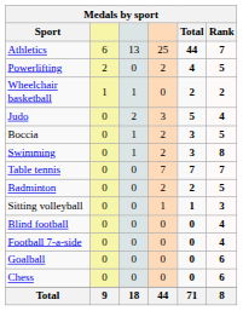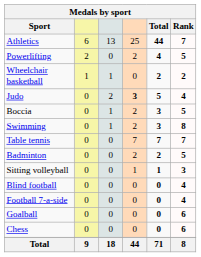 <table class="wikitable sortable" style="font-size:85%;float:center;text-align:center">
 <tr>
 <th colspan=6><strong>Medals by sport</strong></th>
 </tr>
 <tr>
 <th width=100>Sport</th>
 <th scope="col" width=30 style="background:#F7F6A8;"></th>
 <th scope="col" width=30 style="background:#DCE5E5;"></th>
 <th scope="col" width=30 style="background:#FFDAB9;"></th>
 <th width=30>Total</th>
 <th width=30>Rank</th>
 </tr>
 <tr>
 <td style="text-align:left"><a href='#'>Athletics</a></td>
 <td style="background:#F7F6A8;">6</td>
 <td style="background:#DCE5E5;">13</td>
 <td style="background:#FFDAB9;">25</td>
 <td><strong>44</strong></td>
 <td style="background:#FFFAFA;"><strong>7</strong></td>
 </tr>
 <tr>
 <td style="text-align:left"><a href='#'>Powerlifting</a></td>
 <td style="background:#F7F6A8;">2</td>
 <td style="background:#DCE5E5;">0</td>
 <td style="background:#FFDAB9;">2</td>
 <td><strong>4</strong></td>
 <td style="background:#FFFAFA;"><strong>5</strong></td>
 </tr>
 <tr>
 <td style="text-align:left"><a href='#'>Wheelchair basketball</a></td>
 <td style="background:#F7F6A8;">1</td>
 <td style="background:#DCE5E5;">1</td>
 <td style="background:#FFDAB9;">0</td>
 <td><strong>2</strong></td>
 <td style="background:#FFFAFA;"><strong>2</strong></td>
 </tr>
 <tr>
 <td style="text-align:left"><a href='#'>Judo</a></td>
 <td style="background:#F7F6A8;">0</td>
 <td style="background:#DCE5E5;">2</td>
-<td style="background:#FFDAB9;">3</td>
+<td style="background:#FFDAB9;"><strong>3</strong></td>
 <td><strong>5</strong></td>
 <td style="background:#FFFAFA;"><strong>4</strong></td>
 </tr>
 <tr>
 <td style="text-align:left">Boccia</td>
 <td style="background:#F7F6A8;">0</td>
 <td style="background:#DCE5E5;">1</td>
 <td style="background:#FFDAB9;">2</td>
 <td><strong>3</strong></td>
 <td style="background:#FFFAFA;"><strong>5</strong></td>
 </tr>
 <tr>
 <td style="text-align:left"><a href='#'>Swimming</a></td>
 <td style="background:#F7F6A8;">0</td>
 <td style="background:#DCE5E5;">1</td>
 <td style="background:#FFDAB9;">2</td>
 <td><strong>3</strong></td>
 <td style="background:#FFFAFA;"><strong>8</strong></td>
 </tr>
 <tr>
 <td style="text-align:left"><a href='#'>Table tennis</a></td>
 <td style="background:#F7F6A8;">0</td>
 <td style="background:#DCE5E5;">0</td>
 <td style="background:#FFDAB9;">7</td>
 <td><strong>7</strong></td>
 <td style="background:#FFFAFA;"><strong>7</strong></td>
 </tr>
 <tr>
 <td style="text-align:left"><a href='#'>Badminton</a></td>
 <td style="background:#F7F6A8;">0</td>
 <td style="background:#DCE5E5;">0</td>
 <td style="background:#FFDAB9;">2</td>
 <td><strong>2</strong></td>
 <td style="background:#FFFAFA;"><strong>5</strong></td>
 </tr>
 <tr>
 <td style="text-align:left">Sitting volleyball</td>
 <td style="background:#F7F6A8;">0</td>
 <td style="background:#DCE5E5;">0</td>
 <td style="background:#FFDAB9;">1</td>
 <td><strong>1</strong></td>
 <td style="background:#FFFAFA;"><strong>3</strong></td>
 </tr>
 <tr>
 <td style="text-align:left"><a href='#'>Blind football</a></td>
 <td style="background:#F7F6A8;">0</td>
 <td style="background:#DCE5E5;">0</td>
 <td style="background:#FFDAB9;">0</td>
 <td><strong>0</strong></td>
 <td style="background:#FFFAFA;"><strong>4</strong></td>
 </tr>
 <tr>
 <td style="text-align:left"><a href='#'>Football 7-a-side</a></td>
 <td style="background:#F7F6A8;">0</td>
 <td style="background:#DCE5E5;">0</td>
 <td style="background:#FFDAB9;">0</td>
 <td><strong>0</strong></td>
 <td style="background:#FFFAFA;"><strong>4</strong></td>
 </tr>
 <tr>
 <td style="text-align:left"><a href='#'>Goalball</a></td>
 <td style="background:#F7F6A8;">0</td>
 <td style="background:#DCE5E5;">0</td>
 <td style="background:#FFDAB9;">0</td>
 <td><strong>0</strong></td>
 <td style="background:#FFFAFA;"><strong>6</strong></td>
 </tr>
 <tr>
 <td style="text-align:left"><a href='#'>Chess</a></td>
 <td style="background:#F7F6A8;">0</td>
 <td style="background:#DCE5E5;">0</td>
 <td style="background:#FFDAB9;">0</td>
 <td><strong>0</strong></td>
 <td style="background:#FFFAFA;"><strong>6</strong></td>
 </tr>
 <tr>
 </tr>
 <tr class="sortbottom">
 <th>Total</th>
 <th>9</th>
 <th>18</th>
 <th>44</th>
 <th>71</th>
 <th>8</th>
 </tr>
 </table>
